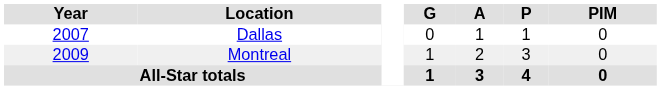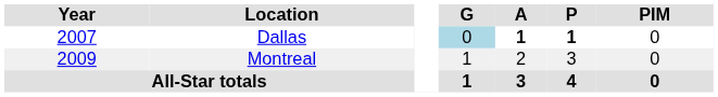 <table border="0" cellpadding="1" cellspacing="0" style="text-align:center; width:40em">
 <tr ALIGN="centre" bgcolor="#e0e0e0">
 <th>Year</th>
 <th>Location</th>
 <th ALIGN="centre" rowspan="99" bgcolor="#ffffff"> </th>
 <th>G</th>
 <th>A</th>
 <th>P</th>
 <th>PIM</th>
 </tr>
 <tr>
 <td><a href='#'>2007</a></td>
 <td><a href='#'>Dallas</a></td>
-<td>0</td>
-<td>1</td>
-<td>1</td>
+<td style="background: lightblue;">0</td>
+<td><strong>1</strong></td>
+<td><strong>1</strong></td>
 <td>0</td>
 </tr>
 <tr bgcolor="#f0f0f0">
 <td><a href='#'>2009</a></td>
 <td><a href='#'>Montreal</a></td>
 <td>1</td>
 <td>2</td>
 <td>3</td>
 <td>0</td>
 </tr>
 <tr bgcolor="#e0e0e0">
 <th colspan=2>All-Star totals</th>
 <th>1</th>
 <th>3</th>
 <th>4</th>
 <th>0</th>
 </tr>
 </table>
